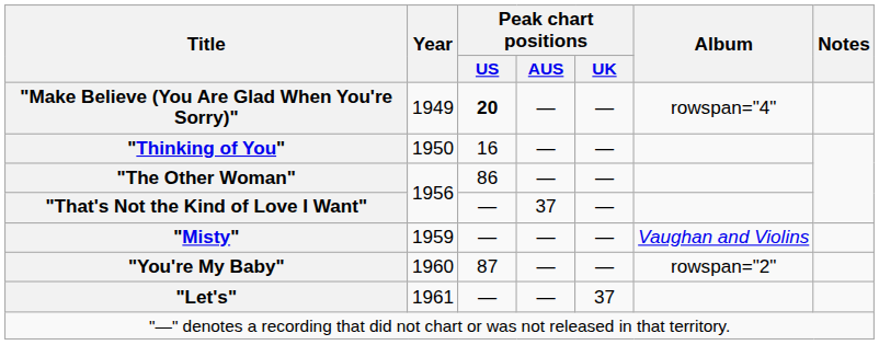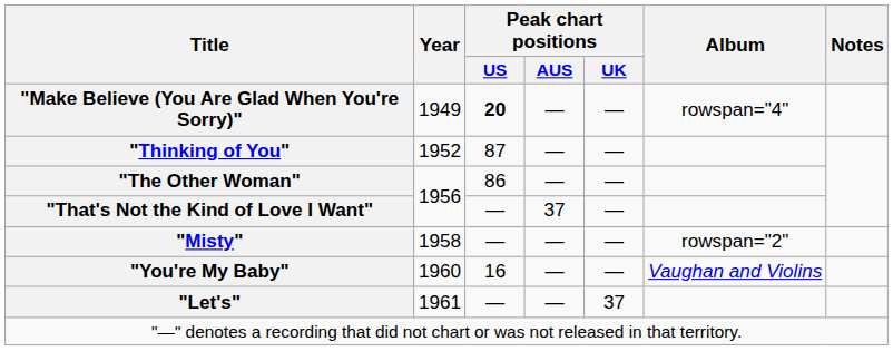 <table class="wikitable plainrowheaders" style="text-align:center;">
 <tr>
 <th scope="col" rowspan="2" style="width:21em;">Title</th>
 <th scope="col" rowspan="2">Year</th>
 <th scope="col" colspan="3">Peak chart<br>positions</th>
 <th scope="col" rowspan="2">Album</th>
 <th scope="col" rowspan="2">Notes</th>
 </tr>
 <tr>
 <th scope="col" style="width:3em;font-size:90%;"><a href='#'>US</a><br></th>
 <th scope="col" style="width:3em;font-size:90%;"><a href='#'>AUS</a><br></th>
 <th scope="col" style="width:3em;font-size:90%;"><a href='#'>UK</a><br></th>
 </tr>
 <tr>
 <th scope="row">"Make Believe (You Are Glad When You're<br>Sorry)"</th>
 <td>1949</td>
 <td><strong>20</strong></td>
 <td>—</td>
 <td>—</td>
 <td>rowspan="4" </td>
 <td></td>
 </tr>
 <tr>
 <th scope="row">"<a href='#'>Thinking of You</a>"</th>
-<td>1950</td>
-<td>16</td>
+<td>1952</td>
+<td>87</td>
 <td>—</td>
 <td>—</td>
 <td></td>
 </tr>
 <tr>
 <th scope="row">"The Other Woman"</th>
 <td rowspan="2">1956</td>
 <td>86</td>
 <td>—</td>
 <td>—</td>
 <td></td>
 </tr>
 <tr>
 <th scope="row">"That's Not the Kind of Love I Want"</th>
 <td>—</td>
 <td>37</td>
 <td>—</td>
 <td></td>
 </tr>
 <tr>
 <th scope="row">"<a href='#'>Misty</a>"</th>
-<td>1959</td>
+<td>1958</td>
 <td>—</td>
 <td>—</td>
 <td>—</td>
-<td><em><a href='#'>Vaughan and Violins</a></em></td>
+<td>rowspan="2" </td>
 <td></td>
 </tr>
 <tr>
 <th scope="row">"You're My Baby"</th>
 <td>1960</td>
-<td>87</td>
+<td>16</td>
 <td>—</td>
 <td>—</td>
-<td>rowspan="2" </td>
+<td><em><a href='#'>Vaughan and Violins</a></em></td>
 <td></td>
 </tr>
 <tr>
 <th scope="row">"Let's"</th>
 <td>1961</td>
 <td>—</td>
 <td>—</td>
 <td>37</td>
 <td></td>
 </tr>
 <tr>
 <td colspan="7" style="font-size:90%">"—" denotes a recording that did not chart or was not released in that territory.</td>
 </tr>
 </table>
